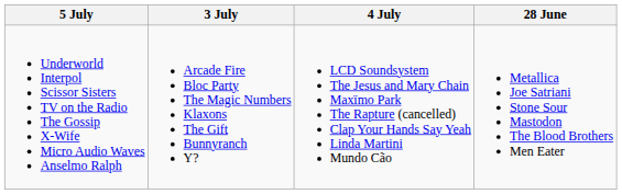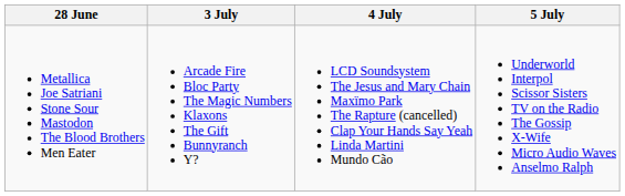 <table class="wikitable">
 <tr>
-<th>5 July</th>
+<th>28 June</th>
 <th>3 July</th>
 <th>4 July</th>
-<th>28 June</th>
+<th>5 July</th>
 </tr>
 <tr>
-<td><br><ul><li><a href='#'>Underworld</a></li><li><a href='#'>Interpol</a></li><li><a href='#'>Scissor Sisters</a></li><li><a href='#'>TV on the Radio</a></li><li><a href='#'>The Gossip</a></li><li><a href='#'>X-Wife</a></li><li><a href='#'>Micro Audio Waves</a></li><li><a href='#'>Anselmo Ralph</a></li></ul></td>
+<td><br><ul><li><a href='#'>Metallica</a></li><li><a href='#'>Joe Satriani</a></li><li><a href='#'>Stone Sour</a></li><li><a href='#'>Mastodon</a></li><li><a href='#'>The Blood Brothers</a></li><li>Men Eater</li></ul></td>
 <td><br><ul><li><a href='#'>Arcade Fire</a></li><li><a href='#'>Bloc Party</a></li><li><a href='#'>The Magic Numbers</a></li><li><a href='#'>Klaxons</a></li><li><a href='#'>The Gift</a></li><li><a href='#'>Bunnyranch</a></li><li>Y?</li></ul></td>
 <td><br><ul><li><a href='#'>LCD Soundsystem</a></li><li><a href='#'>The Jesus and Mary Chain</a></li><li><a href='#'>Maxïmo Park</a></li><li><a href='#'>The Rapture</a> (cancelled)</li><li><a href='#'>Clap Your Hands Say Yeah</a></li><li><a href='#'>Linda Martini</a></li><li>Mundo Cão</li></ul></td>
-<td><br><ul><li><a href='#'>Metallica</a></li><li><a href='#'>Joe Satriani</a></li><li><a href='#'>Stone Sour</a></li><li><a href='#'>Mastodon</a></li><li><a href='#'>The Blood Brothers</a></li><li>Men Eater</li></ul></td>
+<td><br><ul><li><a href='#'>Underworld</a></li><li><a href='#'>Interpol</a></li><li><a href='#'>Scissor Sisters</a></li><li><a href='#'>TV on the Radio</a></li><li><a href='#'>The Gossip</a></li><li><a href='#'>X-Wife</a></li><li><a href='#'>Micro Audio Waves</a></li><li><a href='#'>Anselmo Ralph</a></li></ul></td>
 </tr>
 </table>
